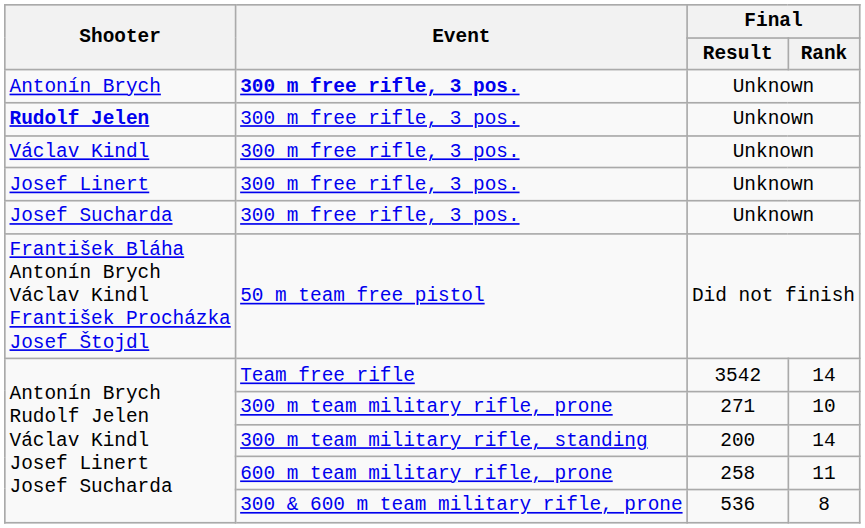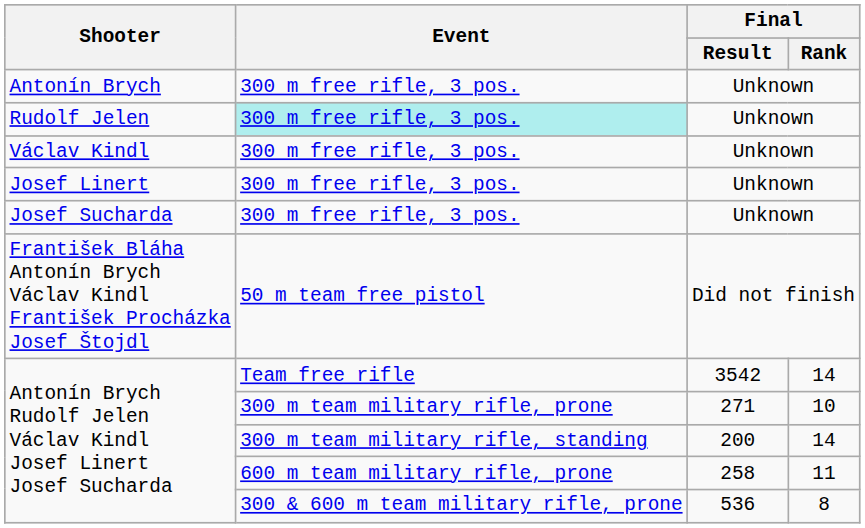 <table class=wikitable style="font-size:90%">
 <tr>
 <th rowspan=2>Shooter</th>
 <th rowspan=2>Event</th>
 <th colspan=2>Final</th>
 </tr>
 <tr>
 <th>Result</th>
 <th>Rank</th>
 </tr>
 <tr>
 <td><a href='#'>Antonín Brych</a></td>
-<td><strong><a href='#'>300 m free rifle, 3 pos.</a></strong></td>
+<td><a href='#'>300 m free rifle, 3 pos.</a></td>
 <td align=center colspan=2>Unknown</td>
 </tr>
 <tr>
-<td><strong><a href='#'>Rudolf Jelen</a></strong></td>
-<td><a href='#'>300 m free rifle, 3 pos.</a></td>
+<td><a href='#'>Rudolf Jelen</a></td>
+<td style="background: paleturquoise;"><a href='#'>300 m free rifle, 3 pos.</a></td>
 <td align=center colspan=2>Unknown</td>
 </tr>
 <tr>
 <td><a href='#'>Václav Kindl</a></td>
 <td><a href='#'>300 m free rifle, 3 pos.</a></td>
 <td align=center colspan=2>Unknown</td>
 </tr>
 <tr>
 <td><a href='#'>Josef Linert</a></td>
 <td><a href='#'>300 m free rifle, 3 pos.</a></td>
 <td align=center colspan=2>Unknown</td>
 </tr>
 <tr>
 <td><a href='#'>Josef Sucharda</a></td>
 <td><a href='#'>300 m free rifle, 3 pos.</a></td>
 <td align=center colspan=2>Unknown</td>
 </tr>
 <tr>
 <td><a href='#'>František Bláha</a> <br> Antonín Brych <br> Václav Kindl <br> <a href='#'>František Procházka</a> <br> <a href='#'>Josef Štojdl</a></td>
 <td><a href='#'>50 m team free pistol</a></td>
 <td align=center colspan=2>Did not finish</td>
 </tr>
 <tr>
 <td rowspan=5>Antonín Brych <br> Rudolf Jelen <br> Václav Kindl <br> Josef Linert <br> Josef Sucharda</td>
 <td><a href='#'>Team free rifle</a></td>
 <td align=center>3542</td>
 <td align=center>14</td>
 </tr>
 <tr>
 <td><a href='#'>300 m team military rifle, prone</a></td>
 <td align=center>271</td>
 <td align=center>10</td>
 </tr>
 <tr>
 <td><a href='#'>300 m team military rifle, standing</a></td>
 <td align=center>200</td>
 <td align=center>14</td>
 </tr>
 <tr>
 <td><a href='#'>600 m team military rifle, prone</a></td>
 <td align=center>258</td>
 <td align=center>11</td>
 </tr>
 <tr>
 <td><a href='#'>300 & 600 m team military rifle, prone</a></td>
 <td align=center>536</td>
 <td align=center>8</td>
 </tr>
 </table>
